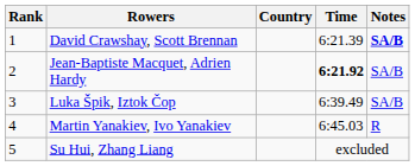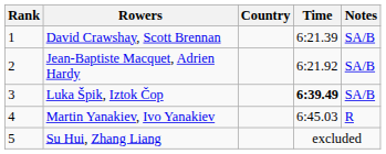 <table class="wikitable sortable" width=50%>
 <tr>
 <th>Rank</th>
 <th>Rowers</th>
 <th>Country</th>
 <th>Time</th>
 <th>Notes</th>
 </tr>
 <tr>
 <td>1</td>
 <td><a href='#'>David Crawshay</a>, <a href='#'>Scott Brennan</a></td>
 <td></td>
 <td>6:21.39</td>
-<td><strong><a href='#'>SA/B</a></strong></td>
+<td><a href='#'>SA/B</a></td>
 </tr>
 <tr>
 <td>2</td>
 <td><a href='#'>Jean-Baptiste Macquet</a>, <a href='#'>Adrien Hardy</a></td>
 <td></td>
-<td><strong>6:21.92</strong></td>
+<td>6:21.92</td>
 <td><a href='#'>SA/B</a></td>
 </tr>
 <tr>
 <td>3</td>
 <td><a href='#'>Luka Špik</a>, <a href='#'>Iztok Čop</a></td>
 <td></td>
-<td>6:39.49</td>
+<td><strong>6:39.49</strong></td>
 <td><a href='#'>SA/B</a></td>
 </tr>
 <tr>
 <td>4</td>
 <td><a href='#'>Martin Yanakiev</a>, <a href='#'>Ivo Yanakiev</a></td>
 <td></td>
 <td>6:45.03</td>
 <td><a href='#'>R</a></td>
 </tr>
 <tr>
 <td>5</td>
 <td><a href='#'>Su Hui</a>, <a href='#'>Zhang Liang</a></td>
 <td></td>
 <td colspan="3" align="center">excluded</td>
 </tr>
 </table>
